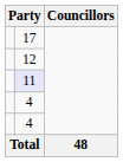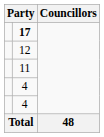 <table class="wikitable">
 <tr>
 <th colspan=2>Party</th>
 <th>Councillors</th>
 </tr>
 <tr>
 <td></td>
-<td align=center>17</td>
+<td align=center><strong>17</strong></td>
 </tr>
 <tr>
 <td></td>
 <td align=center>12</td>
 </tr>
 <tr>
 <td></td>
-<td align=center style="background: lavender;">11</td>
+<td align=center>11</td>
 </tr>
 <tr>
 <td></td>
 <td align=center>4</td>
 </tr>
 <tr>
 <td></td>
 <td align=center>4</td>
 </tr>
 <tr>
 <th colspan=2>Total</th>
 <th>48</th>
 </tr>
 </table>
